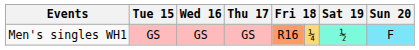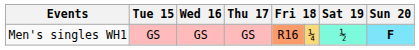 <table class="wikitable" style="margin:0.5em auto; font-size:90%; line-height:1.25em; text-align:center">
 <tr>
 <th>Events</th>
 <th>Tue 15</th>
 <th>Wed 16</th>
 <th>Thu 17</th>
 <th colspan="2">Fri 18</th>
 <th>Sat 19</th>
 <th>Sun 20</th>
 </tr>
 <tr>
 <td align="left">Men's singles WH1</td>
 <td bgcolor="#FFBBBB">GS</td>
 <td bgcolor="#FFBBBB">GS</td>
 <td bgcolor="#FFBBBB">GS</td>
 <td bgcolor="#FC9B6A">R16</td>
 <td bgcolor="#FAD978">¼</td>
 <td bgcolor="#7DFADB">½</td>
-<td bgcolor="#7DE5FA">F</td>
+<td bgcolor="#7DE5FA"><strong>F</strong></td>
 </tr>
 </table>
